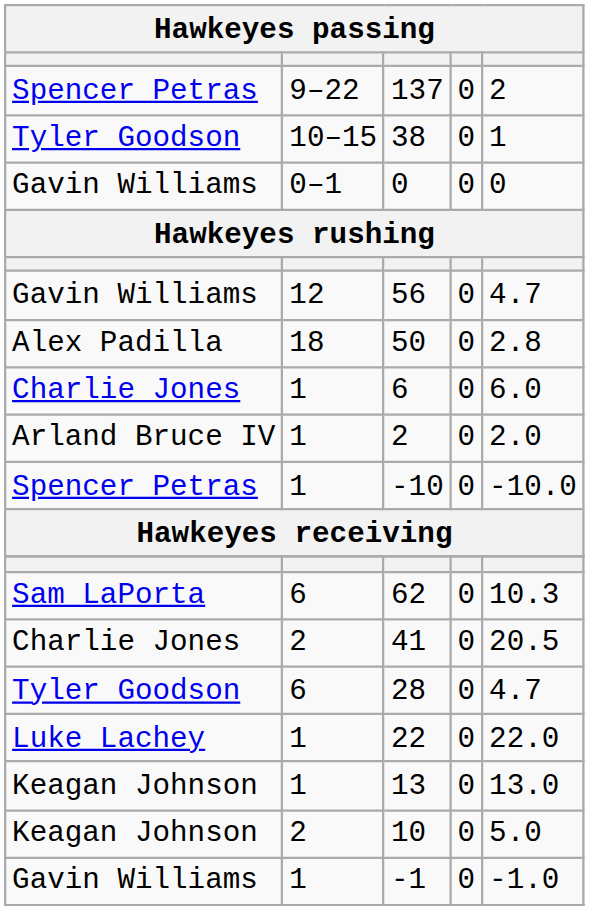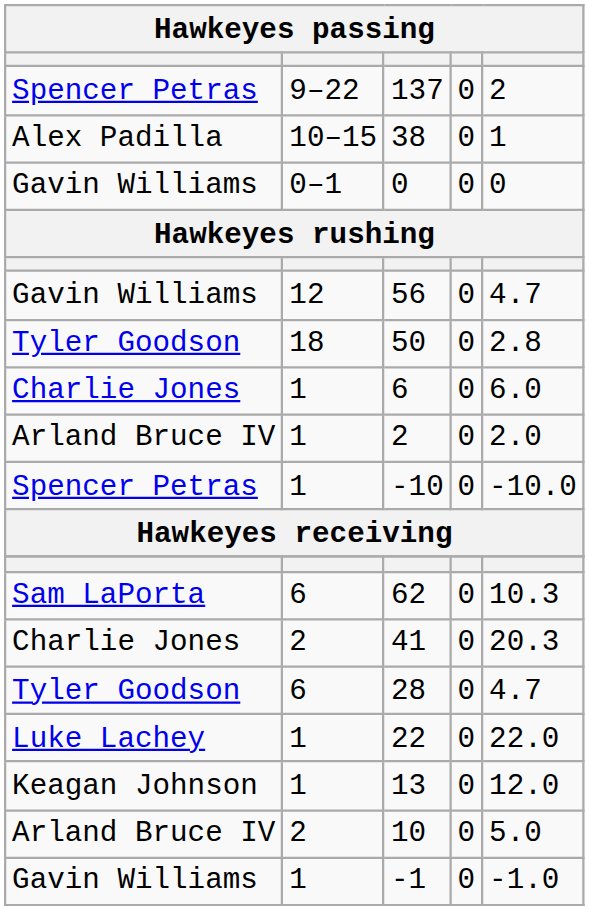 <table class="wikitable plainrowheaders">
 <tr>
 <th colspan="6">Hawkeyes passing</th>
 </tr>
 <tr>
 <th scope="col"></th>
 <th scope="col"></th>
 <th scope="col"></th>
 <th scope="col"></th>
 <th scope="col"></th>
 </tr>
 <tr>
 <td><a href='#'>Spencer Petras</a></td>
 <td>9–22</td>
 <td>137</td>
 <td>0</td>
 <td>2</td>
 </tr>
 <tr>
-<td><a href='#'>Tyler Goodson</a></td>
+<td>Alex Padilla</td>
 <td>10–15</td>
 <td>38</td>
 <td>0</td>
 <td>1</td>
 </tr>
 <tr>
 <td>Gavin Williams</td>
 <td>0–1</td>
 <td>0</td>
 <td>0</td>
 <td>0</td>
 </tr>
 <tr>
 <th colspan="6">Hawkeyes rushing</th>
 </tr>
 <tr>
 <th scope="col"></th>
 <th scope="col"></th>
 <th scope="col"></th>
 <th scope="col"></th>
 <th scope="col"></th>
 </tr>
 <tr>
 <td>Gavin Williams</td>
 <td>12</td>
 <td>56</td>
 <td>0</td>
 <td>4.7</td>
 </tr>
 <tr>
-<td>Alex Padilla</td>
+<td><a href='#'>Tyler Goodson</a></td>
 <td>18</td>
 <td>50</td>
 <td>0</td>
 <td>2.8</td>
 </tr>
 <tr>
 <td><a href='#'>Charlie Jones</a></td>
 <td>1</td>
 <td>6</td>
 <td>0</td>
 <td>6.0</td>
 </tr>
 <tr>
 <td>Arland Bruce IV</td>
 <td>1</td>
 <td>2</td>
 <td>0</td>
 <td>2.0</td>
 </tr>
 <tr>
 <td><a href='#'>Spencer Petras</a></td>
 <td>1</td>
 <td>-10</td>
 <td>0</td>
 <td>-10.0</td>
 </tr>
 <tr>
 <th colspan="6">Hawkeyes receiving</th>
 </tr>
 <tr>
 </tr>
 <tr>
 <th scope="col"></th>
 <th scope="col"></th>
 <th scope="col"></th>
 <th scope="col"></th>
 <th scope="col"></th>
 </tr>
 <tr>
 <td><a href='#'>Sam LaPorta</a></td>
 <td>6</td>
 <td>62</td>
 <td>0</td>
 <td>10.3</td>
 </tr>
 <tr>
 <td>Charlie Jones</td>
 <td>2</td>
 <td>41</td>
 <td>0</td>
-<td>20.5</td>
+<td>20.3</td>
 </tr>
 <tr>
 <td><a href='#'>Tyler Goodson</a></td>
 <td>6</td>
 <td>28</td>
 <td>0</td>
 <td>4.7</td>
 </tr>
 <tr>
 <td><a href='#'>Luke Lachey</a></td>
 <td>1</td>
 <td>22</td>
 <td>0</td>
 <td>22.0</td>
 </tr>
 <tr>
 <td>Keagan Johnson</td>
 <td>1</td>
 <td>13</td>
 <td>0</td>
-<td>13.0</td>
+<td>12.0</td>
 </tr>
 <tr>
-<td>Keagan Johnson</td>
+<td>Arland Bruce IV</td>
 <td>2</td>
 <td>10</td>
 <td>0</td>
 <td>5.0</td>
 </tr>
 <tr>
 <td>Gavin Williams</td>
 <td>1</td>
 <td>-1</td>
 <td>0</td>
 <td>-1.0</td>
 </tr>
 <tr>
 </tr>
 </table>
